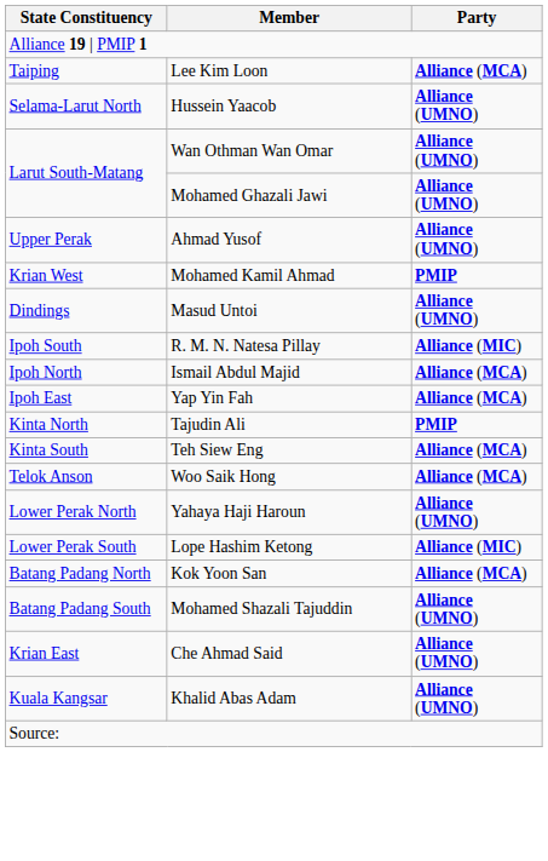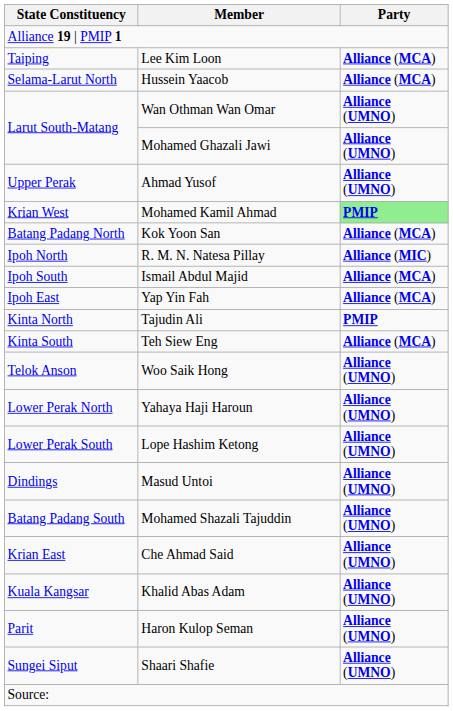 <table class="wikitable sortable">
 <tr>
 <th style="width:150px;">State Constituency</th>
 <th style="width:230px;">Member</th>
 <th style="width:120px;">Party</th>
 </tr>
 <tr>
 <td colspan="3"><a href='#'>Alliance</a> <strong>19</strong> | <a href='#'>PMIP</a> <strong>1</strong></td>
 </tr>
 <tr>
 <td><a href='#'>Taiping</a></td>
 <td>Lee Kim Loon</td>
 <td><strong><a href='#'>Alliance</a></strong> (<strong><a href='#'>MCA</a></strong>)</td>
 </tr>
 <tr>
 <td><a href='#'>Selama-Larut North</a></td>
 <td>Hussein Yaacob</td>
-<td><strong><a href='#'>Alliance</a></strong> (<strong><a href='#'>UMNO</a></strong>)</td>
+<td><strong><a href='#'>Alliance</a></strong> (<strong><a href='#'>MCA</a></strong>)</td>
 </tr>
 <tr>
 <td rowspan="2"><a href='#'>Larut South-Matang</a></td>
 <td>Wan Othman Wan Omar </td>
 <td><strong><a href='#'>Alliance</a></strong> (<strong><a href='#'>UMNO</a></strong>)</td>
 </tr>
 <tr>
 <td>Mohamed Ghazali Jawi </td>
 <td><strong><a href='#'>Alliance</a></strong> (<strong><a href='#'>UMNO</a></strong>)</td>
 </tr>
 <tr>
 <td><a href='#'>Upper Perak</a></td>
 <td>Ahmad Yusof</td>
 <td><strong><a href='#'>Alliance</a></strong> (<strong><a href='#'>UMNO</a></strong>)</td>
 </tr>
 <tr>
 <td><a href='#'>Krian West</a></td>
 <td>Mohamed Kamil Ahmad</td>
-<td><strong><a href='#'>PMIP</a></strong></td>
+<td style="background: lightgreen;"><strong><a href='#'>PMIP</a></strong></td>
 </tr>
 <tr>
-<td><a href='#'>Dindings</a></td>
-<td>Masud Untoi</td>
-<td><strong><a href='#'>Alliance</a></strong> (<strong><a href='#'>UMNO</a></strong>)</td>
+<td><a href='#'>Batang Padang North</a></td>
+<td>Kok Yoon San</td>
+<td><strong><a href='#'>Alliance</a></strong> (<strong><a href='#'>MCA</a></strong>)</td>
 </tr>
 <tr>
-<td><a href='#'>Ipoh South</a></td>
+<td><a href='#'>Ipoh North</a></td>
 <td>R. M. N. Natesa Pillay</td>
 <td><strong><a href='#'>Alliance</a></strong> (<strong><a href='#'>MIC</a></strong>)</td>
 </tr>
 <tr>
-<td><a href='#'>Ipoh North</a></td>
+<td><a href='#'>Ipoh South</a></td>
 <td>Ismail Abdul Majid</td>
 <td><strong><a href='#'>Alliance</a></strong> (<strong><a href='#'>MCA</a></strong>)</td>
 </tr>
 <tr>
 <td><a href='#'>Ipoh East</a></td>
 <td>Yap Yin Fah</td>
 <td><strong><a href='#'>Alliance</a></strong> (<strong><a href='#'>MCA</a></strong>)</td>
 </tr>
 <tr>
 <td><a href='#'>Kinta North</a></td>
 <td>Tajudin Ali</td>
 <td><strong><a href='#'>PMIP</a></strong></td>
 </tr>
 <tr>
 <td><a href='#'>Kinta South</a></td>
 <td>Teh Siew Eng</td>
 <td><strong><a href='#'>Alliance</a></strong> (<strong><a href='#'>MCA</a></strong>)</td>
 </tr>
 <tr>
 <td><a href='#'>Telok Anson</a></td>
 <td>Woo Saik Hong</td>
-<td><strong><a href='#'>Alliance</a></strong> (<strong><a href='#'>MCA</a></strong>)</td>
+<td><strong><a href='#'>Alliance</a></strong> (<strong><a href='#'>UMNO</a></strong>)</td>
 </tr>
 <tr>
 <td><a href='#'>Lower Perak North</a></td>
 <td>Yahaya Haji Haroun</td>
 <td><strong><a href='#'>Alliance</a></strong> (<strong><a href='#'>UMNO</a></strong>)</td>
 </tr>
 <tr>
 <td><a href='#'>Lower Perak South</a></td>
 <td>Lope Hashim Ketong</td>
-<td><strong><a href='#'>Alliance</a></strong> (<strong><a href='#'>MIC</a></strong>)</td>
+<td><strong><a href='#'>Alliance</a></strong> (<strong><a href='#'>UMNO</a></strong>)</td>
 </tr>
 <tr>
-<td><a href='#'>Batang Padang North</a></td>
-<td>Kok Yoon San</td>
-<td><strong><a href='#'>Alliance</a></strong> (<strong><a href='#'>MCA</a></strong>)</td>
+<td><a href='#'>Dindings</a></td>
+<td>Masud Untoi</td>
+<td><strong><a href='#'>Alliance</a></strong> (<strong><a href='#'>UMNO</a></strong>)</td>
 </tr>
 <tr>
 <td><a href='#'>Batang Padang South</a></td>
 <td>Mohamed Shazali Tajuddin</td>
 <td><strong><a href='#'>Alliance</a></strong> (<strong><a href='#'>UMNO</a></strong>)</td>
 </tr>
 <tr>
 <td><a href='#'>Krian East</a></td>
 <td>Che Ahmad Said</td>
 <td><strong><a href='#'>Alliance</a></strong> (<strong><a href='#'>UMNO</a></strong>)</td>
 </tr>
 <tr>
 <td><a href='#'>Kuala Kangsar</a></td>
 <td>Khalid Abas Adam</td>
 <td><strong><a href='#'>Alliance</a></strong> (<strong><a href='#'>UMNO</a></strong>)</td>
 </tr>
 <tr>
+<td><a href='#'>Parit</a></td>
+<td>Haron Kulop Seman</td>
+<td><strong><a href='#'>Alliance</a></strong> (<strong><a href='#'>UMNO</a></strong>)</td>
+</tr>
+<tr>
+<td><a href='#'>Sungei Siput</a></td>
+<td>Shaari Shafie</td>
+<td><strong><a href='#'>Alliance</a></strong> (<strong><a href='#'>UMNO</a></strong>)</td>
+</tr>
+<tr>
 <td colspan="3">Source:</td>
 </tr>
 </table>
